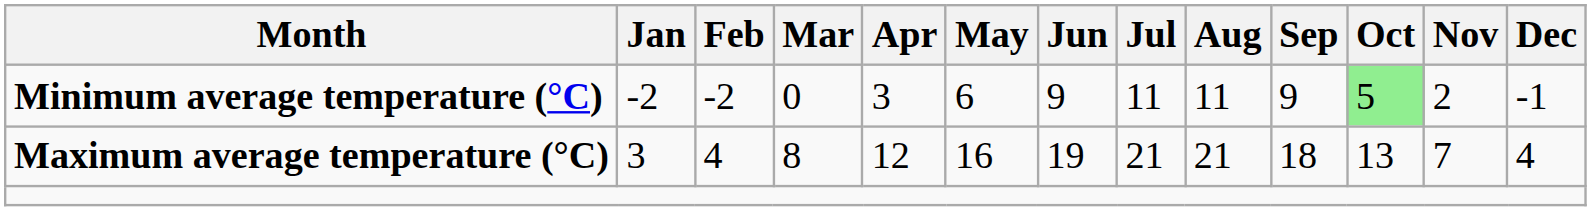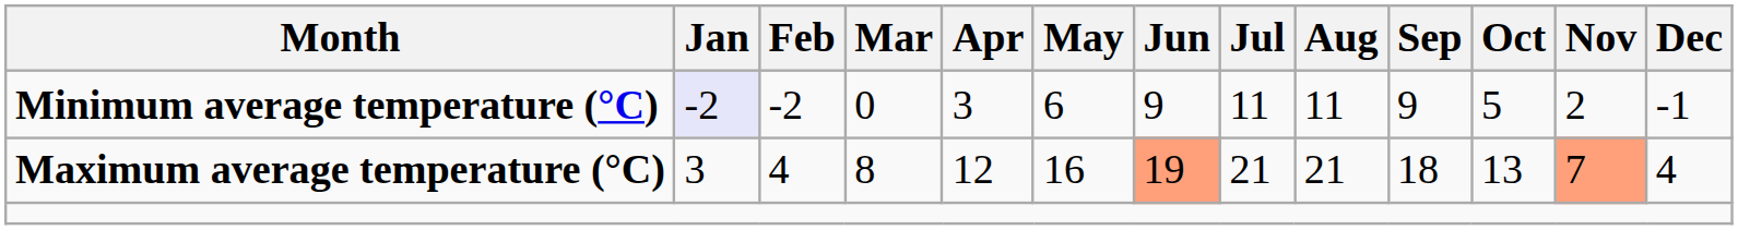 <table class="wikitable">
 <tr>
 <th>Month</th>
 <th>Jan</th>
 <th>Feb</th>
 <th>Mar</th>
 <th>Apr</th>
 <th>May</th>
 <th>Jun</th>
 <th>Jul</th>
 <th>Aug</th>
 <th>Sep</th>
 <th>Oct</th>
 <th>Nov</th>
 <th>Dec</th>
 </tr>
 <tr>
 <td><strong>Minimum average temperature (<a href='#'>°C</a>)</strong></td>
-<td>-2</td>
+<td style="background: lavender;">-2</td>
 <td>-2</td>
 <td>0</td>
 <td>3</td>
 <td>6</td>
 <td>9</td>
 <td>11</td>
 <td>11</td>
 <td>9</td>
-<td style="background: lightgreen;">5</td>
+<td>5</td>
 <td>2</td>
 <td>-1</td>
 </tr>
 <tr>
 <td><strong>Maximum average temperature (°C)</strong></td>
 <td>3</td>
 <td>4</td>
 <td>8</td>
 <td>12</td>
 <td>16</td>
-<td>19</td>
+<td style="background: lightsalmon;">19</td>
 <td>21</td>
 <td>21</td>
 <td>18</td>
 <td>13</td>
-<td>7</td>
+<td style="background: lightsalmon;">7</td>
 <td>4</td>
 </tr>
 <tr>
 <td colspan="13"></td>
 </tr>
 </table>
